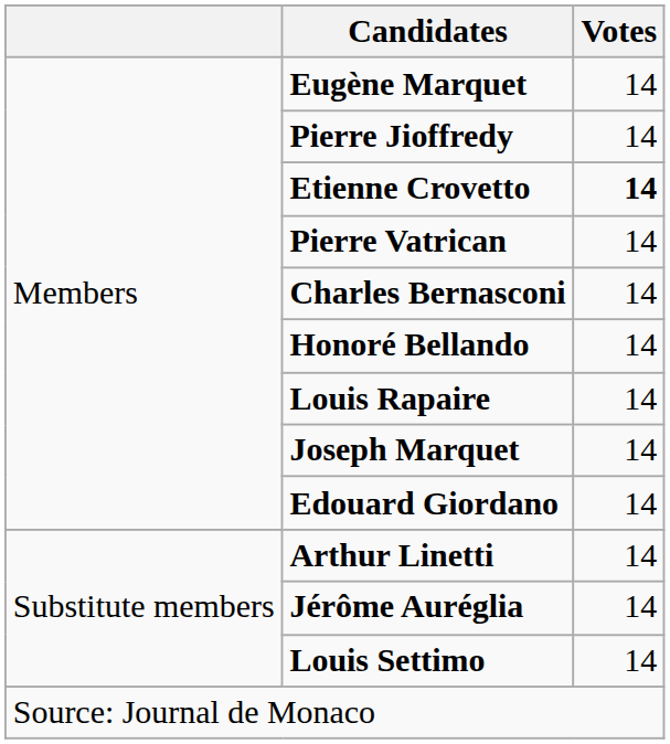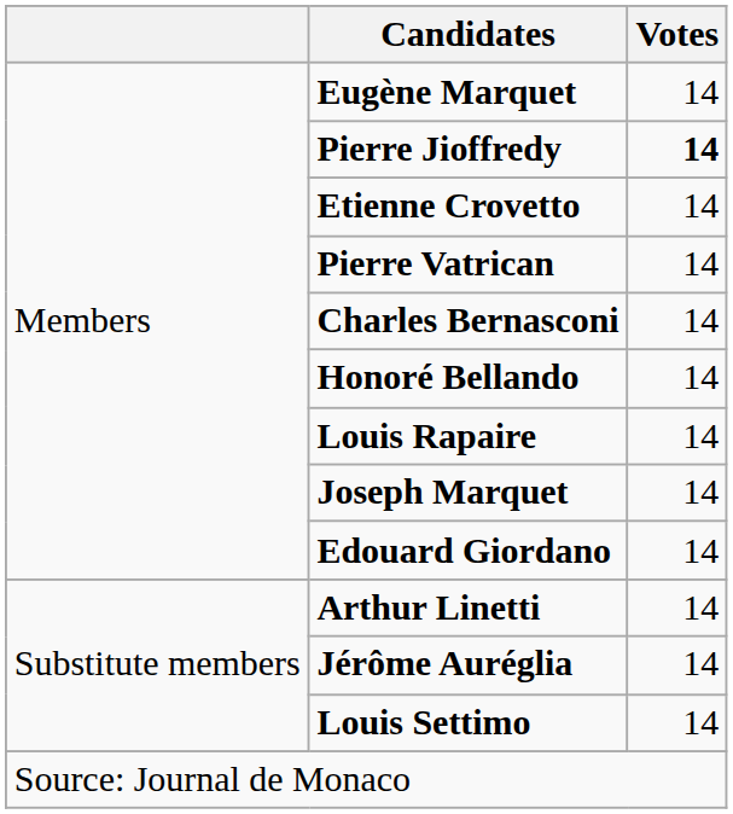 <table class="wikitable" style="text-align:right">
 <tr>
 <th></th>
 <th>Candidates</th>
 <th>Votes</th>
 </tr>
 <tr>
 <td rowspan=9 align=left>Members</td>
 <td align=left><strong>Eugène Marquet</strong></td>
 <td>14</td>
 </tr>
 <tr>
 <td align=left><strong>Pierre Jioffredy</strong></td>
-<td>14</td>
+<td><strong>14</strong></td>
 </tr>
 <tr>
 <td align=left><strong>Etienne Crovetto</strong></td>
-<td><strong>14</strong></td>
+<td>14</td>
 </tr>
 <tr>
 <td align=left><strong>Pierre Vatrican</strong></td>
 <td>14</td>
 </tr>
 <tr>
 <td align=left><strong>Charles Bernasconi</strong></td>
 <td>14</td>
 </tr>
 <tr>
 <td align=left><strong>Honoré Bellando</strong></td>
 <td>14</td>
 </tr>
 <tr>
 <td align=left><strong>Louis Rapaire</strong></td>
 <td>14</td>
 </tr>
 <tr>
 <td align=left><strong>Joseph Marquet</strong></td>
 <td>14</td>
 </tr>
 <tr>
 <td align=left><strong>Edouard Giordano</strong></td>
 <td>14</td>
 </tr>
 <tr>
 <td rowspan=3 align=left>Substitute members</td>
 <td align=left><strong>Arthur Linetti</strong></td>
 <td>14</td>
 </tr>
 <tr>
 <td align=left><strong>Jérôme Auréglia</strong></td>
 <td>14</td>
 </tr>
 <tr>
 <td align=left><strong>Louis Settimo</strong></td>
 <td>14</td>
 </tr>
 <tr>
 <td colspan=3 align=left>Source: Journal de Monaco</td>
 </tr>
 </table>
